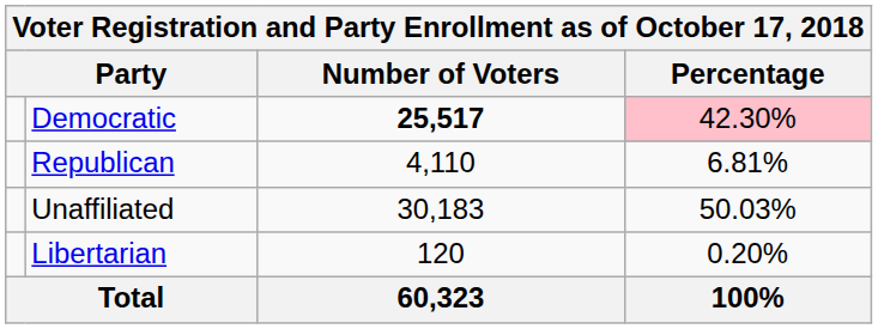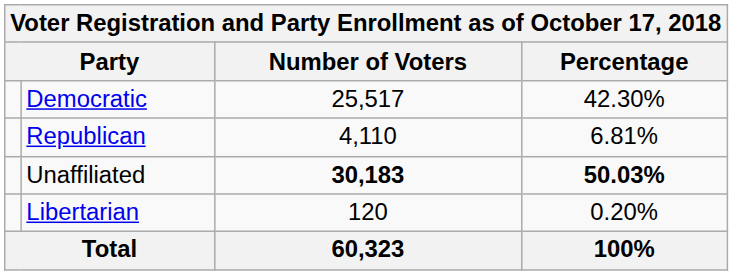 <table class=wikitable>
 <tr>
 <th colspan = 6>Voter Registration and Party Enrollment as of October 17, 2018</th>
 </tr>
 <tr>
 <th colspan = 2>Party</th>
 <th>Number of Voters</th>
 <th>Percentage</th>
 </tr>
 <tr>
 <td></td>
 <td><a href='#'>Democratic</a></td>
-<td style="text-align:center;"><strong>25,517</strong></td>
-<td style="background: pink; text-align:center;">42.30%</td>
+<td style="text-align:center;">25,517</td>
+<td style="text-align:center;">42.30%</td>
 </tr>
 <tr>
 <td></td>
 <td><a href='#'>Republican</a></td>
 <td style="text-align:center;">4,110</td>
 <td style="text-align:center;">6.81%</td>
 </tr>
 <tr>
 <td></td>
 <td>Unaffiliated</td>
-<td style="text-align:center;">30,183</td>
-<td style="text-align:center;">50.03%</td>
+<td style="text-align:center;"><strong>30,183</strong></td>
+<td style="text-align:center;"><strong>50.03%</strong></td>
 </tr>
 <tr>
 <td></td>
 <td><a href='#'>Libertarian</a></td>
 <td style="text-align:center;">120</td>
 <td style="text-align:center;">0.20%</td>
 </tr>
 <tr>
 <th colspan = 2>Total</th>
 <th style="text-align:center;">60,323</th>
 <th style="text-align:center;">100%</th>
 </tr>
 </table>
